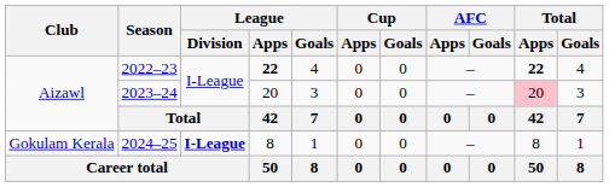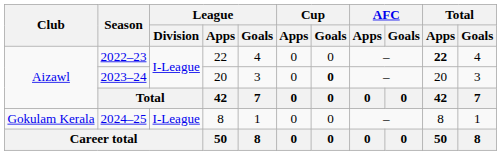 <table class="wikitable" style="text-align:center">
 <tr>
 <th rowspan="2">Club</th>
 <th rowspan="2">Season</th>
 <th colspan="3">League</th>
 <th colspan="2">Cup</th>
 <th colspan="2"><a href='#'>AFC</a></th>
 <th colspan="2">Total</th>
 </tr>
 <tr>
 <th>Division</th>
 <th>Apps</th>
 <th>Goals</th>
 <th>Apps</th>
 <th>Goals</th>
 <th>Apps</th>
 <th>Goals</th>
 <th>Apps</th>
 <th>Goals</th>
 </tr>
 <tr>
 <td rowspan="3"><a href='#'>Aizawl</a></td>
 <td><a href='#'>2022–23</a></td>
 <td rowspan="2"><a href='#'>I-League</a></td>
-<td><strong>22</strong></td>
+<td>22</td>
 <td>4</td>
 <td>0</td>
 <td>0</td>
 <td colspan="2">–</td>
 <td><strong>22</strong></td>
 <td>4</td>
 </tr>
 <tr>
 <td><a href='#'>2023–24</a></td>
 <td>20</td>
 <td>3</td>
 <td>0</td>
-<td>0</td>
+<td><strong>0</strong></td>
 <td colspan="2">–</td>
-<td style="background: pink;">20</td>
+<td>20</td>
 <td>3</td>
 </tr>
 <tr>
 <th colspan="2">Total</th>
 <th>42</th>
 <th>7</th>
 <th>0</th>
 <th>0</th>
 <th>0</th>
 <th>0</th>
 <th>42</th>
 <th>7</th>
 </tr>
 <tr>
 <td><a href='#'>Gokulam Kerala</a></td>
 <td><a href='#'>2024–25</a></td>
-<td><strong><a href='#'>I-League</a></strong></td>
+<td><a href='#'>I-League</a></td>
 <td>8</td>
 <td>1</td>
 <td>0</td>
 <td>0</td>
 <td colspan="2">–</td>
 <td>8</td>
 <td>1</td>
 </tr>
 <tr>
 <th colspan="3">Career total</th>
 <th>50</th>
 <th>8</th>
 <th>0</th>
 <th>0</th>
 <th>0</th>
 <th>0</th>
 <th>50</th>
 <th>8</th>
 </tr>
 </table>
